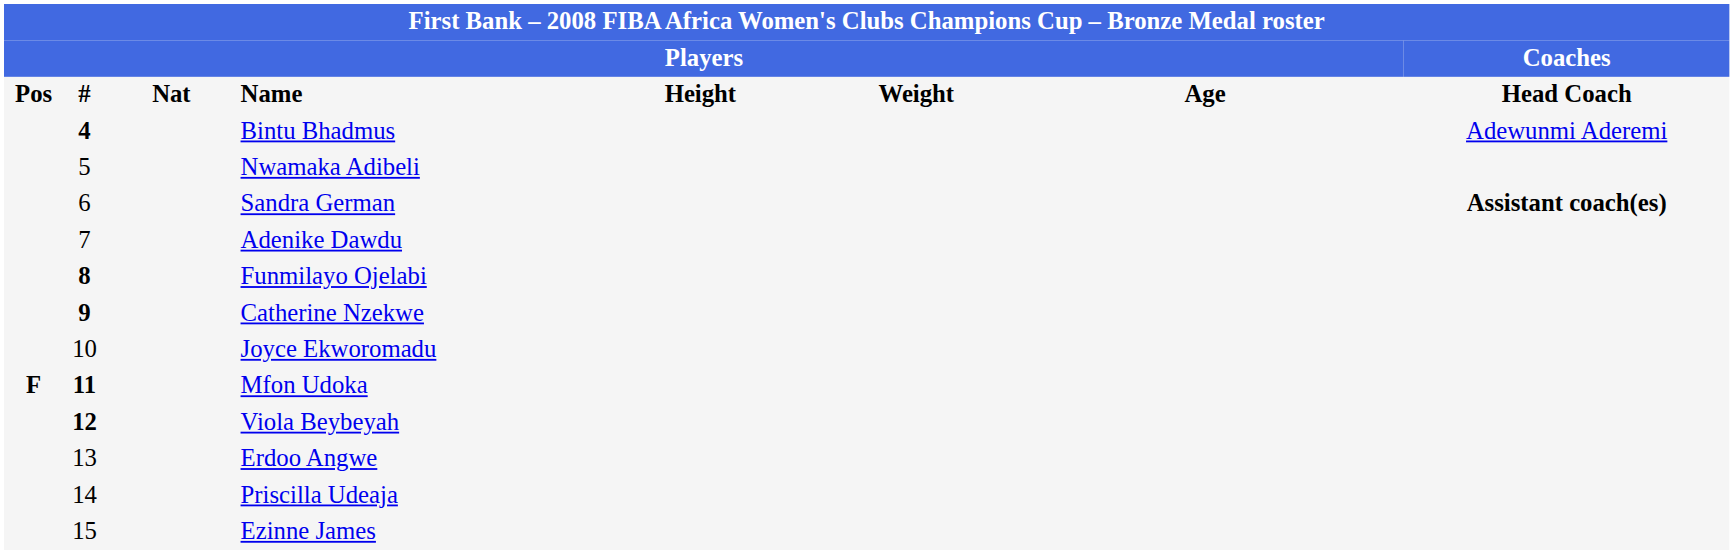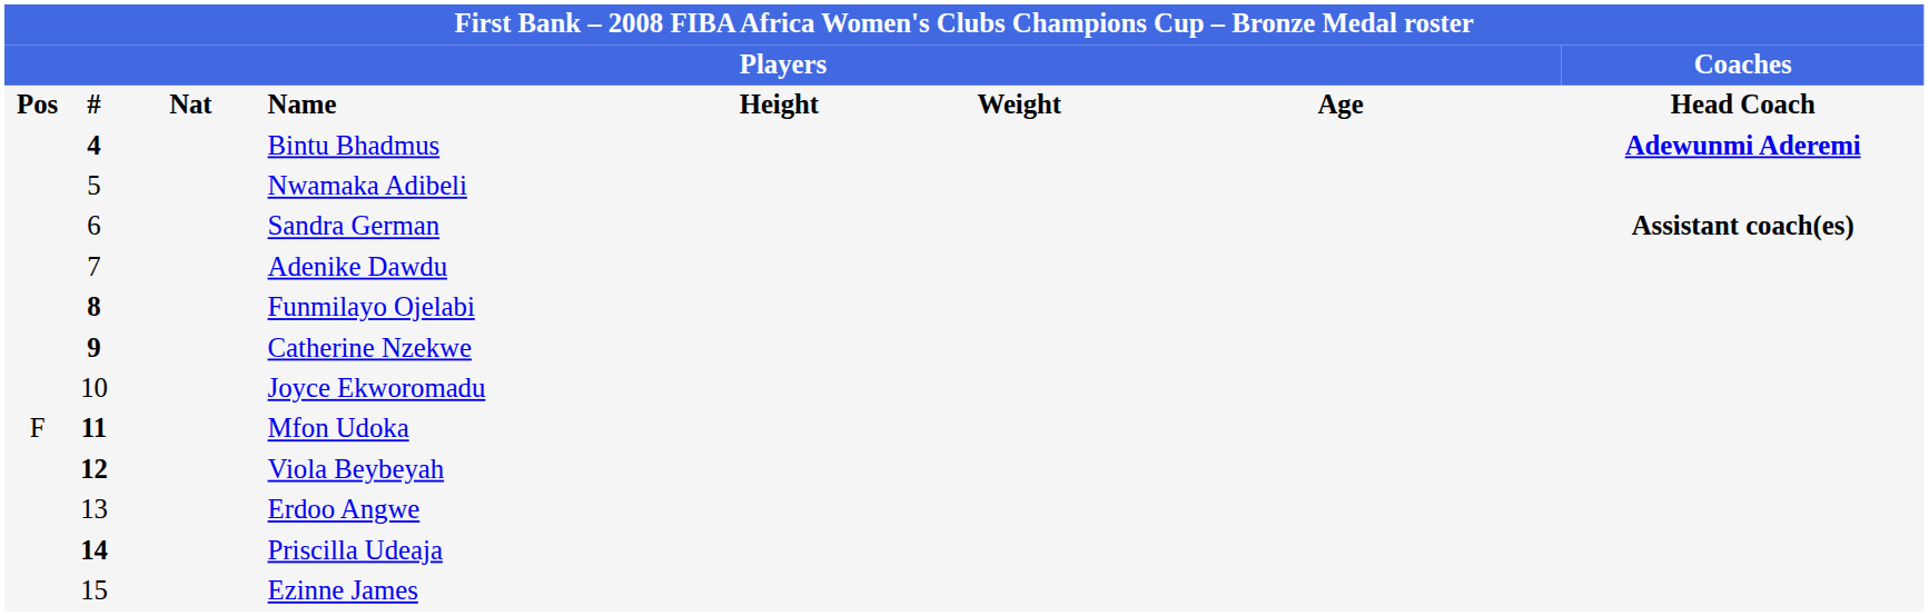 <table border=0 cellpadding=2 cellspacing=0  |- bgcolor=#f5f5f5 style="text-align:center; font-size:85%;" width=75%>
 <tr>
 <td colspan="8" style="background: #4169e1; color: white"><strong>First Bank – 2008 FIBA Africa Women's Clubs Champions Cup – Bronze Medal roster</strong></td>
 </tr>
 <tr>
 <td colspan="7" style="background: #4169e1; color: white"><strong>Players</strong></td>
 <td style="background: #4169e1; color: white"><strong>Coaches</strong></td>
 </tr>
 <tr style="background=#f5f5f5; color: black">
 <th width=5px>Pos</th>
 <th width=5px>#</th>
 <th width=50px>Nat</th>
 <th width=135px align=left>Name</th>
 <th width=100px>Height</th>
 <th width=70px>Weight</th>
 <th width=160px>Age</th>
 <th width=130px>Head Coach</th>
 </tr>
 <tr>
 <td></td>
 <td><strong>4</strong></td>
 <td></td>
 <td align=left><a href='#'>Bintu Bhadmus</a></td>
 <td></td>
 <td></td>
 <td><span></span></td>
-<td> <a href='#'>Adewunmi Aderemi</a></td>
+<td><strong> <a href='#'>Adewunmi Aderemi</a></strong></td>
 </tr>
 <tr>
 <td></td>
 <td>5</td>
 <td></td>
 <td align=left><a href='#'>Nwamaka Adibeli</a></td>
 <td></td>
 <td></td>
 <td><span></span></td>
 </tr>
 <tr>
 <td></td>
 <td>6</td>
 <td></td>
 <td align=left><a href='#'>Sandra German</a></td>
 <td></td>
 <td></td>
 <td><span></span></td>
 <td><strong>Assistant coach(es)</strong></td>
 </tr>
 <tr>
 <td></td>
 <td>7</td>
 <td></td>
 <td align=left><a href='#'>Adenike Dawdu</a></td>
 <td></td>
 <td></td>
 <td><span></span></td>
 <td></td>
 </tr>
 <tr>
 <td></td>
 <td><strong>8</strong></td>
 <td></td>
 <td align=left><a href='#'>Funmilayo Ojelabi</a></td>
 <td></td>
 <td></td>
 <td><span></span></td>
 <td></td>
 </tr>
 <tr>
 <td></td>
 <td><strong>9</strong></td>
 <td></td>
 <td align=left><a href='#'>Catherine Nzekwe</a></td>
 <td></td>
 <td></td>
 <td><span></span></td>
 </tr>
 <tr>
 <td></td>
 <td>10</td>
 <td></td>
 <td align=left><a href='#'>Joyce Ekworomadu</a></td>
 <td></td>
 <td></td>
 <td><span></span></td>
 </tr>
 <tr>
-<td><strong>F</strong></td>
+<td>F</td>
 <td><strong>11</strong></td>
 <td></td>
 <td align=left><a href='#'>Mfon Udoka</a></td>
 <td><span></span></td>
 <td></td>
 <td><span></span></td>
 </tr>
 <tr>
 <td></td>
 <td><strong>12</strong></td>
 <td></td>
 <td align=left><a href='#'>Viola Beybeyah</a></td>
 <td></td>
 <td></td>
 <td><span></span></td>
 </tr>
 <tr>
 <td></td>
 <td>13</td>
 <td></td>
 <td align=left><a href='#'>Erdoo Angwe</a></td>
 <td></td>
 <td></td>
 <td><span></span></td>
 </tr>
 <tr>
 <td></td>
-<td>14</td>
+<td><strong>14</strong></td>
 <td></td>
 <td align=left><a href='#'>Priscilla Udeaja</a></td>
 <td></td>
 <td></td>
 <td><span></span></td>
 </tr>
 <tr>
 <td></td>
 <td>15</td>
 <td></td>
 <td align=left><a href='#'>Ezinne James</a></td>
 <td></td>
 <td></td>
 <td><span></span></td>
 </tr>
 </table>
